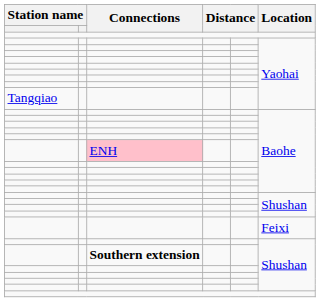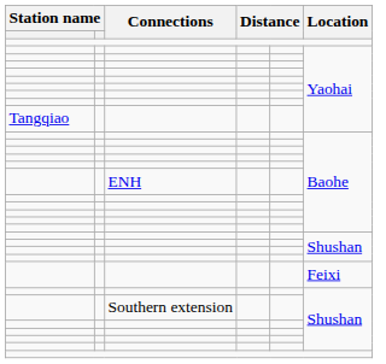 <table class="wikitable">
 <tr>
 <th colspan="2">Station name</th>
 <th rowspan="2">Connections</th>
 <th colspan="2" rowspan="2">Distance<br></th>
 <th rowspan="2">Location</th>
 </tr>
 <tr>
 <th></th>
 <th></th>
 </tr>
 <tr style="background:#">
 <td colspan="6"></td>
 </tr>
 <tr>
 <td></td>
 <td></td>
 <td></td>
 <td></td>
 <td></td>
 <td rowspan="9"><a href='#'>Yaohai</a></td>
 </tr>
 <tr>
 <td></td>
 <td></td>
 <td></td>
 <td></td>
 <td></td>
 </tr>
 <tr>
 <td></td>
 <td></td>
 <td></td>
 <td></td>
 <td></td>
 </tr>
 <tr>
 <td></td>
 <td></td>
 <td></td>
 <td></td>
 <td></td>
 </tr>
 <tr>
 <td></td>
 <td></td>
 <td></td>
 <td></td>
 <td></td>
 </tr>
 <tr>
 <td></td>
 <td></td>
 <td></td>
 <td></td>
 <td></td>
 </tr>
 <tr>
 <td></td>
 <td></td>
 <td></td>
 <td></td>
 <td></td>
 </tr>
 <tr>
 <td></td>
 <td></td>
 <td></td>
 <td></td>
 <td></td>
 </tr>
 <tr>
 <td><a href='#'>Tangqiao</a></td>
 <td></td>
 <td></td>
 <td></td>
 <td></td>
 </tr>
 <tr>
 <td></td>
 <td></td>
 <td></td>
 <td></td>
 <td></td>
 <td rowspan="11"><a href='#'>Baohe</a></td>
 </tr>
 <tr>
 <td></td>
 <td></td>
 <td></td>
 <td></td>
 <td></td>
 </tr>
 <tr>
 <td></td>
 <td></td>
 <td></td>
 <td></td>
 <td></td>
 </tr>
 <tr>
 <td></td>
 <td></td>
 <td></td>
 <td></td>
 <td></td>
 </tr>
 <tr>
 <td></td>
 <td></td>
 <td></td>
 <td></td>
 <td></td>
 </tr>
 <tr>
 <td></td>
 <td></td>
-<td style="background: pink;">   <a href='#'>ENH</a></td>
+<td>   <a href='#'>ENH</a></td>
 <td></td>
 <td></td>
 </tr>
 <tr>
 <td></td>
 <td></td>
 <td></td>
 <td></td>
 <td></td>
 </tr>
 <tr>
 <td></td>
 <td></td>
 <td></td>
 <td></td>
 <td></td>
 </tr>
 <tr>
 <td></td>
 <td></td>
 <td></td>
 <td></td>
 <td></td>
 </tr>
 <tr>
 <td></td>
 <td></td>
 <td></td>
 <td></td>
 <td></td>
 </tr>
 <tr>
 <td></td>
 <td></td>
 <td></td>
 <td></td>
 <td></td>
 </tr>
 <tr>
 <td></td>
 <td></td>
 <td></td>
 <td></td>
 <td></td>
 <td rowspan="4"><a href='#'>Shushan</a></td>
 </tr>
 <tr>
 <td></td>
 <td></td>
 <td></td>
 <td></td>
 <td></td>
 </tr>
 <tr>
 <td></td>
 <td></td>
 <td></td>
 <td></td>
 <td></td>
 </tr>
 <tr>
 <td></td>
 <td></td>
 <td></td>
 <td></td>
 <td></td>
 </tr>
 <tr>
 <td></td>
 <td></td>
 <td></td>
 <td></td>
 <td></td>
 <td><a href='#'>Feixi</a></td>
 </tr>
 <tr>
 <td></td>
 <td></td>
 <td></td>
 <td></td>
 <td></td>
 <td rowspan="6"><a href='#'>Shushan</a></td>
 </tr>
 <tr>
 <td></td>
 <td></td>
-<td><strong> Southern extension</strong></td>
+<td> Southern extension</td>
 <td></td>
 <td></td>
 </tr>
 <tr>
 <td></td>
 <td></td>
 <td></td>
 <td></td>
 <td></td>
 </tr>
 <tr>
 <td></td>
 <td></td>
 <td></td>
 <td></td>
 <td></td>
 </tr>
 <tr>
 <td></td>
 <td></td>
 <td></td>
 <td></td>
 <td></td>
 </tr>
 <tr>
 <td></td>
 <td></td>
 <td></td>
 <td></td>
 <td></td>
 </tr>
 <tr style="background:#">
 <td colspan="6"></td>
 </tr>
 </table>
